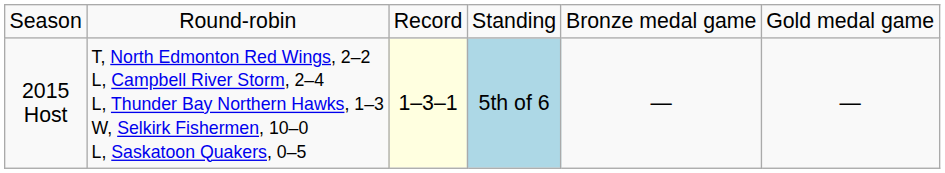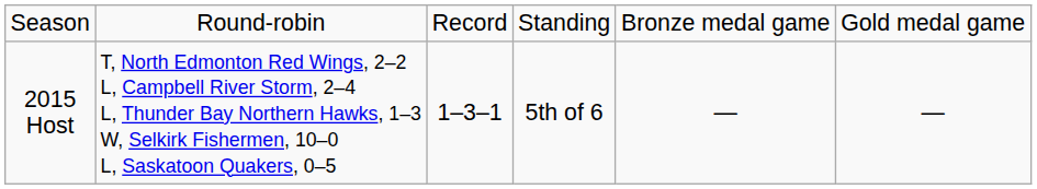 <table class="wikitable" style="text-align:center">
 <tr>
 <td>Season</td>
 <td>Round-robin</td>
 <td>Record</td>
 <td>Standing</td>
 <td>Bronze medal game</td>
 <td>Gold medal game</td>
 </tr>
 <tr>
 <td>2015<br>Host</td>
 <td align=left><small>T, <a href='#'>North Edmonton Red Wings</a>, 2–2<br>L, <a href='#'>Campbell River Storm</a>, 2–4<br>L, <a href='#'>Thunder Bay Northern Hawks</a>, 1–3<br>W, <a href='#'>Selkirk Fishermen</a>, 10–0<br>L, <a href='#'>Saskatoon Quakers</a>, 0–5</small></td>
-<td style="background: lightyellow;">1–3–1</td>
-<td style="background: lightblue;">5th of 6</td>
+<td>1–3–1</td>
+<td>5th of 6</td>
 <td>—</td>
 <td>—</td>
 </tr>
 </table>
